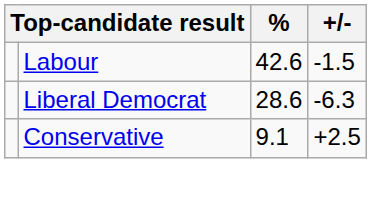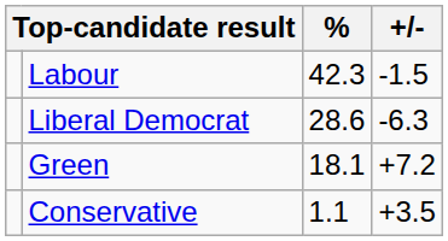 <table class="wikitable">
 <tr>
 <th colspan="2">Top-candidate result</th>
 <th>%</th>
 <th>+/-</th>
 </tr>
 <tr>
 <td style="background-color: "></td>
 <td><a href='#'>Labour</a></td>
-<td>42.6</td>
+<td>42.3</td>
 <td>-1.5</td>
 </tr>
 <tr>
 <td style="background-color: "></td>
 <td><a href='#'>Liberal Democrat</a></td>
 <td>28.6</td>
 <td>-6.3</td>
 </tr>
 <tr>
 <td style="background-color: "></td>
+<td><a href='#'>Green</a></td>
+<td>18.1</td>
+<td>+7.2</td>
+</tr>
+<tr>
+<td style="background-color: "></td>
 <td><a href='#'>Conservative</a></td>
-<td>9.1</td>
-<td>+2.5</td>
+<td>1.1</td>
+<td>+3.5</td>
 </tr>
 </table>
